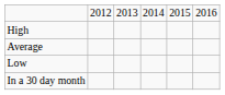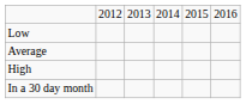 <table class="wikitable  floatleft mw-collapsible mw-collapsed" style=text-align:center>
 <tr>
 <td></td>
 <td>2012</td>
 <td>2013</td>
 <td>2014</td>
 <td>2015</td>
 <td>2016</td>
 </tr>
 <tr>
-<td style=text-align:left>High</td>
+<td style=text-align:left>Low</td>
 <td></td>
 <td></td>
 <td></td>
 <td></td>
 <td></td>
 </tr>
 <tr>
 <td style=text-align:left>Average</td>
 <td></td>
 <td></td>
 <td></td>
 <td></td>
 <td></td>
 </tr>
 <tr>
-<td style=text-align:left>Low</td>
+<td style=text-align:left>High</td>
 <td></td>
 <td></td>
 <td></td>
 <td></td>
 <td></td>
 </tr>
 <tr>
 <td style=text-align:left>In a 30 day month</td>
 <td></td>
 <td></td>
 <td></td>
 <td></td>
 <td></td>
 </tr>
 </table>
